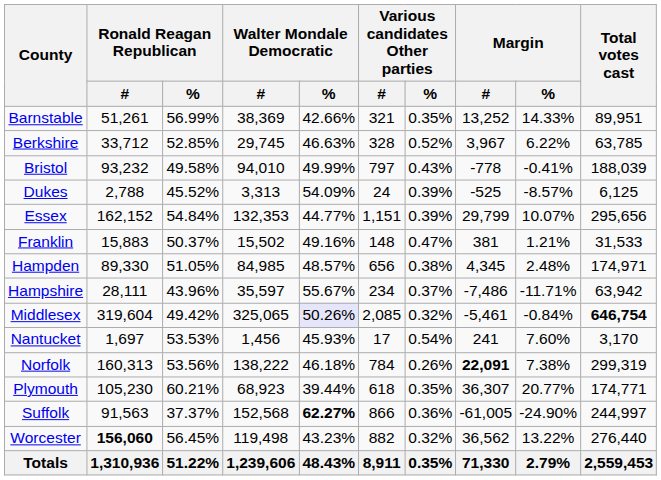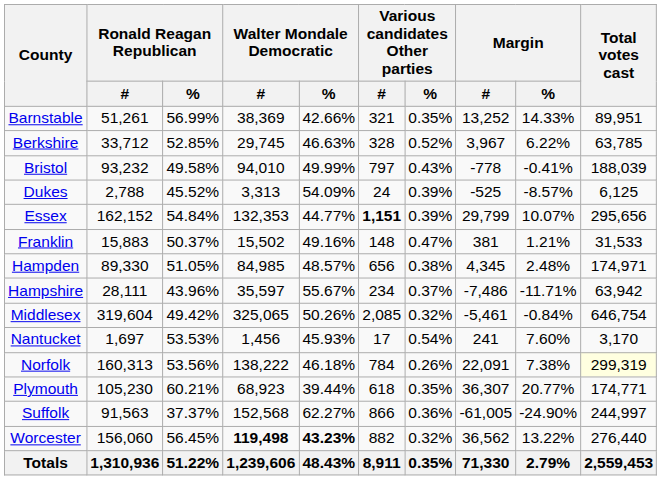 <table width="60%" class="wikitable sortable">
 <tr>
 <th rowspan="2">County</th>
 <th colspan="2">Ronald Reagan<br>Republican</th>
 <th colspan="2">Walter Mondale<br>Democratic</th>
 <th colspan="2">Various candidates<br>Other parties</th>
 <th colspan="2">Margin</th>
 <th rowspan="2">Total votes cast</th>
 </tr>
 <tr bgcolor="lightgrey">
 <th style="text-align:center;" data-sort-type="number">#</th>
 <th style="text-align:center;" data-sort-type="number">%</th>
 <th style="text-align:center;" data-sort-type="number">#</th>
 <th style="text-align:center;" data-sort-type="number">%</th>
 <th style="text-align:center;" data-sort-type="number">#</th>
 <th style="text-align:center;" data-sort-type="number">%</th>
 <th style="text-align:center;" data-sort-type="number">#</th>
 <th style="text-align:center;" data-sort-type="number">%</th>
 </tr>
 <tr style="text-align:center;">
 <td><a href='#'>Barnstable</a></td>
 <td>51,261</td>
 <td>56.99%</td>
 <td>38,369</td>
 <td>42.66%</td>
 <td>321</td>
 <td>0.35%</td>
 <td>13,252</td>
 <td>14.33%</td>
 <td>89,951</td>
 </tr>
 <tr style="text-align:center;">
 <td><a href='#'>Berkshire</a></td>
 <td>33,712</td>
 <td>52.85%</td>
 <td>29,745</td>
 <td>46.63%</td>
 <td>328</td>
 <td>0.52%</td>
 <td>3,967</td>
 <td>6.22%</td>
 <td>63,785</td>
 </tr>
 <tr style="text-align:center;">
 <td><a href='#'>Bristol</a></td>
 <td>93,232</td>
 <td>49.58%</td>
 <td>94,010</td>
 <td>49.99%</td>
 <td>797</td>
 <td>0.43%</td>
 <td>-778</td>
 <td>-0.41%</td>
 <td>188,039</td>
 </tr>
 <tr style="text-align:center;">
 <td><a href='#'>Dukes</a></td>
 <td>2,788</td>
 <td>45.52%</td>
 <td>3,313</td>
 <td>54.09%</td>
 <td>24</td>
 <td>0.39%</td>
 <td>-525</td>
 <td>-8.57%</td>
 <td>6,125</td>
 </tr>
 <tr style="text-align:center;">
 <td><a href='#'>Essex</a></td>
 <td>162,152</td>
 <td>54.84%</td>
 <td>132,353</td>
 <td>44.77%</td>
-<td>1,151</td>
+<td><strong>1,151</strong></td>
 <td>0.39%</td>
 <td>29,799</td>
 <td>10.07%</td>
 <td>295,656</td>
 </tr>
 <tr style="text-align:center;">
 <td><a href='#'>Franklin</a></td>
 <td>15,883</td>
 <td>50.37%</td>
 <td>15,502</td>
 <td>49.16%</td>
 <td>148</td>
 <td>0.47%</td>
 <td>381</td>
 <td>1.21%</td>
 <td>31,533</td>
 </tr>
 <tr style="text-align:center;">
 <td><a href='#'>Hampden</a></td>
 <td>89,330</td>
 <td>51.05%</td>
 <td>84,985</td>
 <td>48.57%</td>
 <td>656</td>
 <td>0.38%</td>
 <td>4,345</td>
 <td>2.48%</td>
 <td>174,971</td>
 </tr>
 <tr style="text-align:center;">
 <td><a href='#'>Hampshire</a></td>
 <td>28,111</td>
 <td>43.96%</td>
 <td>35,597</td>
 <td>55.67%</td>
 <td>234</td>
 <td>0.37%</td>
 <td>-7,486</td>
 <td>-11.71%</td>
 <td>63,942</td>
 </tr>
 <tr style="text-align:center;">
 <td><a href='#'>Middlesex</a></td>
 <td>319,604</td>
 <td>49.42%</td>
 <td>325,065</td>
-<td style="background: lavender;">50.26%</td>
+<td>50.26%</td>
 <td>2,085</td>
 <td>0.32%</td>
 <td>-5,461</td>
 <td>-0.84%</td>
-<td><strong>646,754</strong></td>
+<td>646,754</td>
 </tr>
 <tr style="text-align:center;">
 <td><a href='#'>Nantucket</a></td>
 <td>1,697</td>
 <td>53.53%</td>
 <td>1,456</td>
 <td>45.93%</td>
 <td>17</td>
 <td>0.54%</td>
 <td>241</td>
 <td>7.60%</td>
 <td>3,170</td>
 </tr>
 <tr style="text-align:center;">
 <td><a href='#'>Norfolk</a></td>
 <td>160,313</td>
 <td>53.56%</td>
 <td>138,222</td>
 <td>46.18%</td>
 <td>784</td>
 <td>0.26%</td>
-<td><strong>22,091</strong></td>
+<td>22,091</td>
 <td>7.38%</td>
-<td>299,319</td>
+<td style="background: lightyellow;">299,319</td>
 </tr>
 <tr style="text-align:center;">
 <td><a href='#'>Plymouth</a></td>
 <td>105,230</td>
 <td>60.21%</td>
 <td>68,923</td>
 <td>39.44%</td>
 <td>618</td>
 <td>0.35%</td>
 <td>36,307</td>
 <td>20.77%</td>
 <td>174,771</td>
 </tr>
 <tr style="text-align:center;">
 <td><a href='#'>Suffolk</a></td>
 <td>91,563</td>
 <td>37.37%</td>
 <td>152,568</td>
-<td><strong>62.27%</strong></td>
+<td>62.27%</td>
 <td>866</td>
 <td>0.36%</td>
 <td>-61,005</td>
 <td>-24.90%</td>
 <td>244,997</td>
 </tr>
 <tr style="text-align:center;">
 <td><a href='#'>Worcester</a></td>
-<td><strong>156,060</strong></td>
+<td>156,060</td>
 <td>56.45%</td>
-<td>119,498</td>
-<td>43.23%</td>
+<td><strong>119,498</strong></td>
+<td><strong>43.23%</strong></td>
 <td>882</td>
 <td>0.32%</td>
 <td>36,562</td>
 <td>13.22%</td>
 <td>276,440</td>
 </tr>
 <tr>
 <th>Totals</th>
 <th>1,310,936</th>
 <th>51.22%</th>
 <th>1,239,606</th>
 <th>48.43%</th>
 <th>8,911</th>
 <th>0.35%</th>
 <th>71,330</th>
 <th>2.79%</th>
 <th>2,559,453</th>
 </tr>
 </table>
